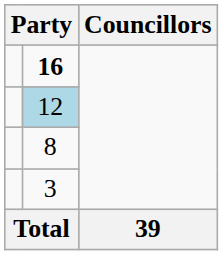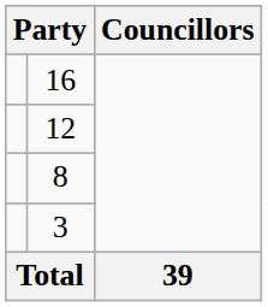 <table class="wikitable">
 <tr>
 <th colspan=2>Party</th>
 <th>Councillors</th>
 </tr>
 <tr>
 <td></td>
-<td align=center><strong>16</strong></td>
+<td align=center>16</td>
 </tr>
 <tr>
 <td></td>
-<td align=center style="background: lightblue;">12</td>
+<td align=center>12</td>
 </tr>
 <tr>
 <td></td>
 <td align=center>8</td>
 </tr>
 <tr>
 <td></td>
 <td align=center>3</td>
 </tr>
 <tr>
 <th colspan=2>Total</th>
 <th>39</th>
 </tr>
 </table>
